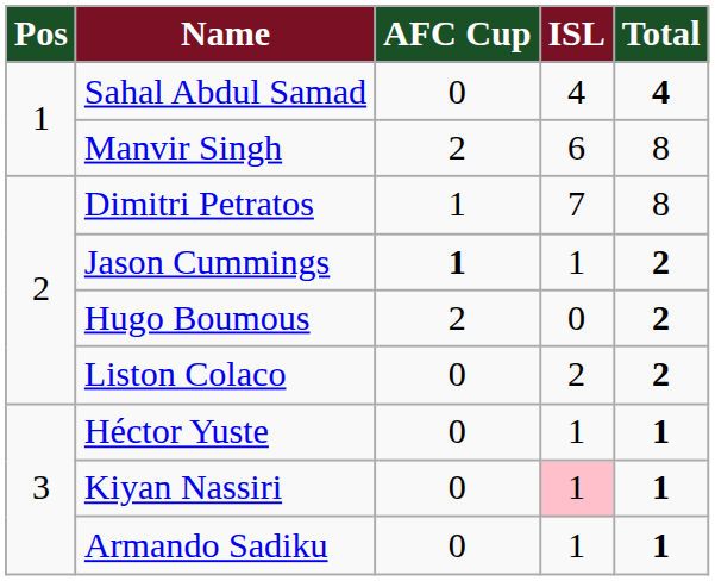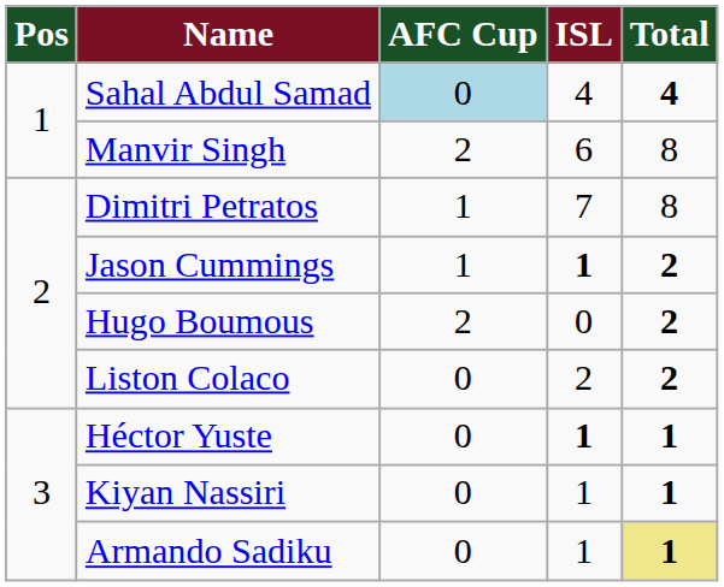 <table class="wikitable" margin-left:1em;float:center>
 <tr>
 <th style="background:#1A5026; color:white; text-align:center;">Pos</th>
 <th style="background:#7A1024; color:white; text-align:center;">Name</th>
 <th style="background:#1A5026; color:white; text-align:center;">AFC Cup</th>
 <th style="background:#7A1024; color:white; text-align:center;">ISL</th>
 <th style="background:#1A5026; color:white; text-align:center;">Total</th>
 </tr>
 <tr>
 <td rowspan="2"style="text-align:center">1</td>
 <td><a href='#'>Sahal Abdul Samad</a></td>
-<td style="text-align:center">0</td>
+<td style="background: lightblue; text-align:center">0</td>
 <td style="text-align:center">4</td>
 <td style="text-align:center"><strong>4</strong></td>
 </tr>
 <tr>
 <td><a href='#'>Manvir Singh</a></td>
 <td style="text-align:center">2</td>
 <td style="text-align:center">6</td>
 <td style="text-align:center">8</td>
 </tr>
 <tr>
 <td rowspan="4"style="text-align:center">2</td>
 <td><a href='#'>Dimitri Petratos</a></td>
 <td style="text-align:center">1</td>
 <td style="text-align:center">7</td>
 <td style="text-align:center">8</td>
 </tr>
 <tr>
 <td><a href='#'>Jason Cummings</a></td>
+<td style="text-align:center">1</td>
 <td style="text-align:center"><strong>1</strong></td>
-<td style="text-align:center">1</td>
 <td style="text-align:center"><strong>2</strong></td>
 </tr>
 <tr>
 <td><a href='#'>Hugo Boumous</a></td>
 <td style="text-align:center">2</td>
 <td style="text-align:center">0</td>
 <td style="text-align:center"><strong>2</strong></td>
 </tr>
 <tr>
 <td><a href='#'>Liston Colaco</a></td>
 <td style="text-align:center">0</td>
 <td style="text-align:center">2</td>
 <td style="text-align:center"><strong>2</strong></td>
 </tr>
 <tr>
 <td rowspan="6"style="text-align:center">3</td>
 <td><a href='#'>Héctor Yuste</a></td>
 <td style="text-align:center">0</td>
-<td style="text-align:center">1</td>
+<td style="text-align:center"><strong>1</strong></td>
 <td style="text-align:center"><strong>1</strong></td>
 </tr>
 <tr>
 <td><a href='#'>Kiyan Nassiri</a></td>
 <td style="text-align:center">0</td>
-<td style="background: pink; text-align:center">1</td>
+<td style="text-align:center">1</td>
 <td style="text-align:center"><strong>1</strong></td>
 </tr>
 <tr>
 <td><a href='#'>Armando Sadiku</a></td>
 <td style="text-align:center">0</td>
 <td style="text-align:center">1</td>
-<td style="text-align:center"><strong>1</strong></td>
+<td style="background: khaki; text-align:center"><strong>1</strong></td>
 </tr>
 </table>
